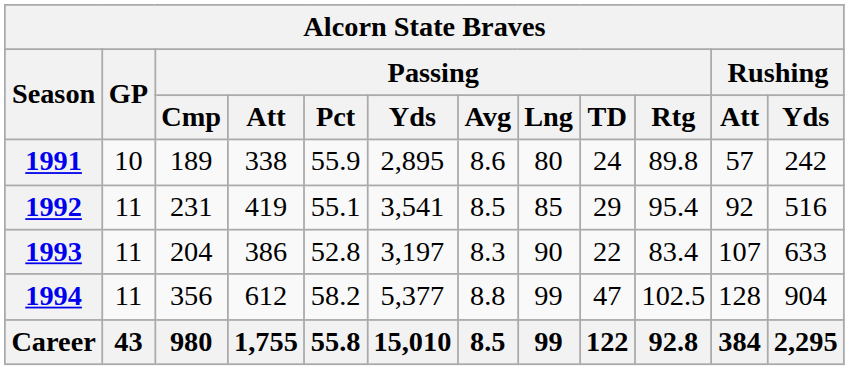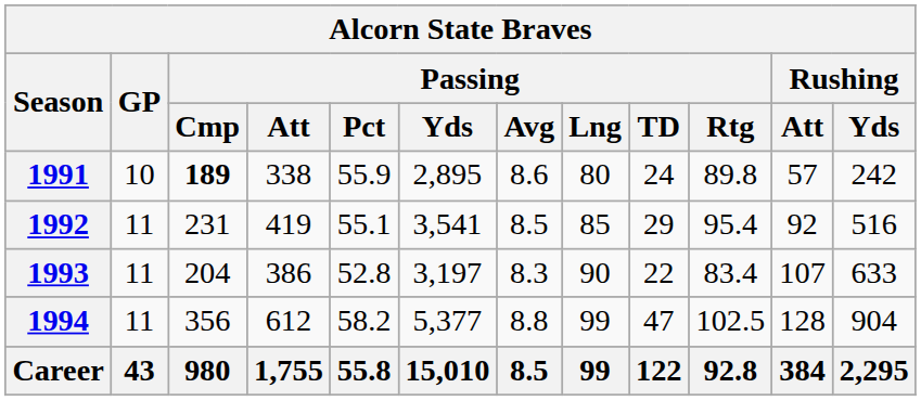 <table class="wikitable" style="text-align:center;">
 <tr>
 <th colspan="16">Alcorn State Braves</th>
 </tr>
 <tr>
 <th rowspan="2">Season</th>
 <th rowspan="2">GP</th>
 <th colspan="8">Passing</th>
 <th colspan="2">Rushing</th>
 </tr>
 <tr>
 <th>Cmp</th>
 <th>Att</th>
 <th>Pct</th>
 <th>Yds</th>
 <th>Avg</th>
 <th>Lng</th>
 <th>TD</th>
 <th>Rtg</th>
 <th>Att</th>
 <th>Yds</th>
 </tr>
 <tr>
 <th><a href='#'>1991</a></th>
 <td>10</td>
-<td>189</td>
+<td><strong>189</strong></td>
 <td>338</td>
 <td>55.9</td>
 <td>2,895</td>
 <td>8.6</td>
 <td>80</td>
 <td>24</td>
 <td>89.8</td>
 <td>57</td>
 <td>242</td>
 </tr>
 <tr>
 <th><a href='#'>1992</a></th>
 <td>11</td>
 <td>231</td>
 <td>419</td>
 <td>55.1</td>
 <td>3,541</td>
 <td>8.5</td>
 <td>85</td>
 <td>29</td>
 <td>95.4</td>
 <td>92</td>
 <td>516</td>
 </tr>
 <tr>
 <th><a href='#'>1993</a></th>
 <td>11</td>
 <td>204</td>
 <td>386</td>
 <td>52.8</td>
 <td>3,197</td>
 <td>8.3</td>
 <td>90</td>
 <td>22</td>
 <td>83.4</td>
 <td>107</td>
 <td>633</td>
 </tr>
 <tr>
 <th><a href='#'>1994</a></th>
 <td>11</td>
 <td>356</td>
 <td>612</td>
 <td>58.2</td>
 <td>5,377</td>
 <td>8.8</td>
 <td>99</td>
 <td>47</td>
 <td>102.5</td>
 <td>128</td>
 <td>904</td>
 </tr>
 <tr>
 <th>Career</th>
 <th>43</th>
 <th>980</th>
 <th>1,755</th>
 <th>55.8</th>
 <th>15,010</th>
 <th>8.5</th>
 <th>99</th>
 <th>122</th>
 <th>92.8</th>
 <th>384</th>
 <th>2,295</th>
 </tr>
 </table>
